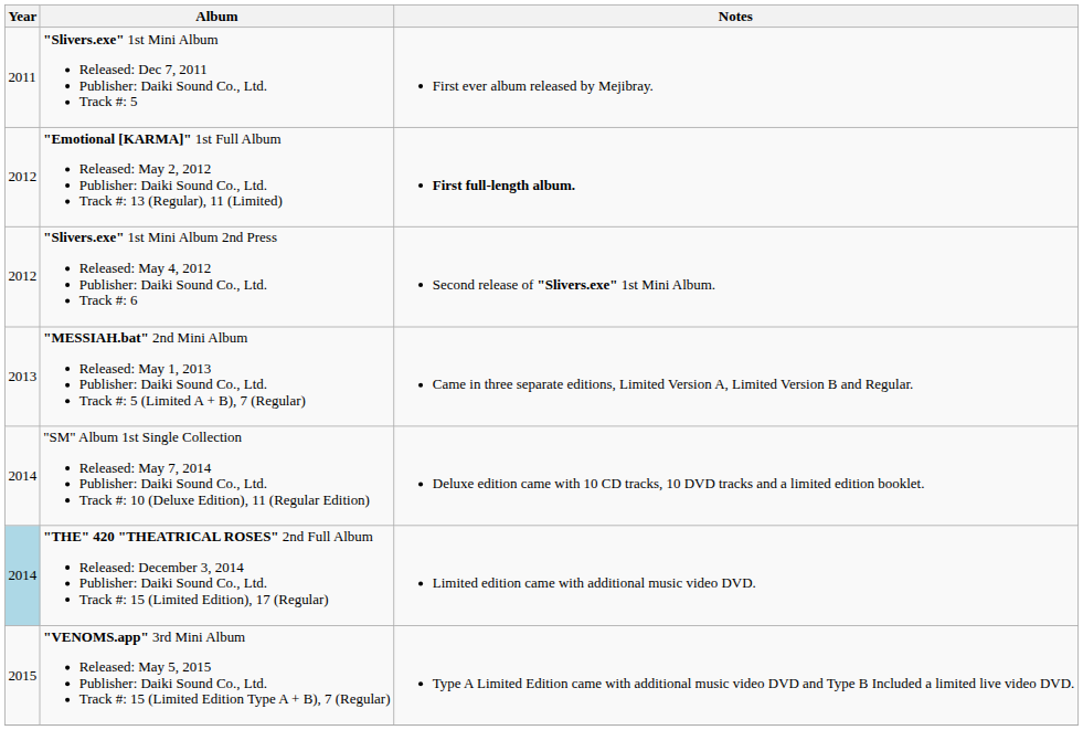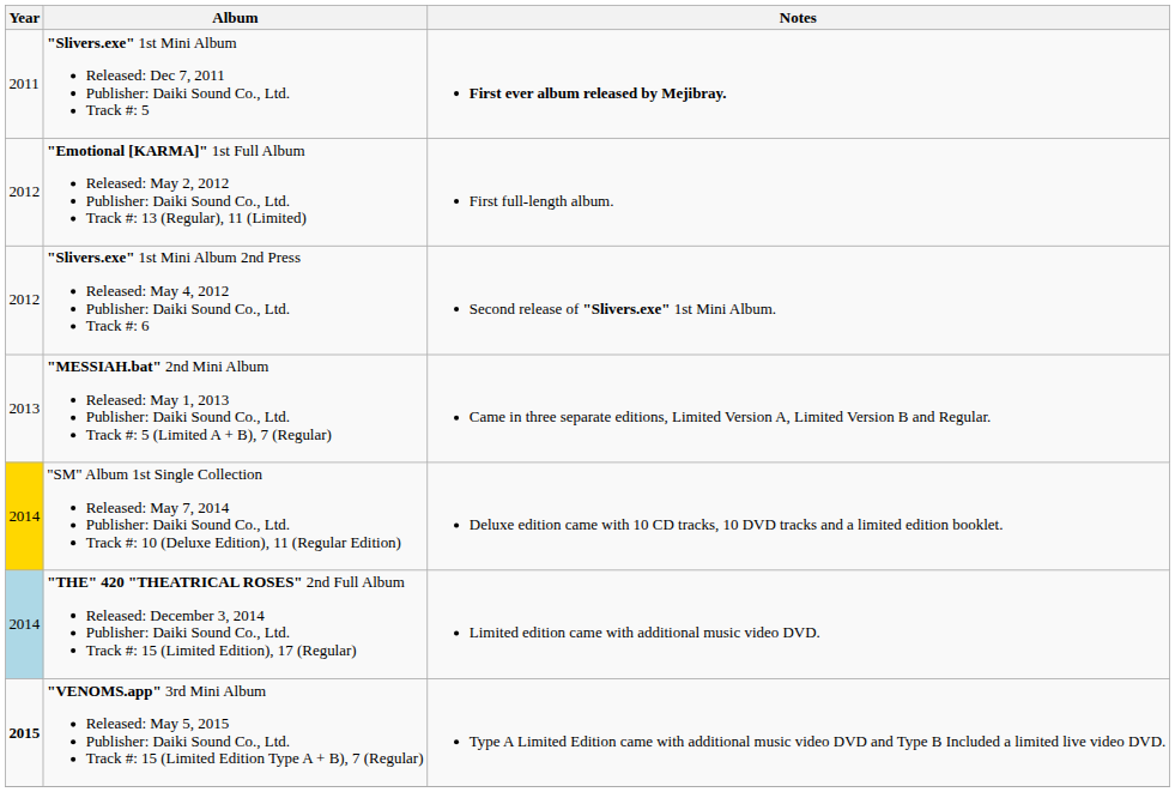 <table class="wikitable sortable">
 <tr>
 <th>Year</th>
 <th>Album</th>
 <th>Notes</th>
 </tr>
 <tr>
 <td>2011</td>
 <td><strong>"Slivers.exe"</strong> 1st Mini Album<br><ul><li>Released: Dec 7, 2011</li><li>Publisher: Daiki Sound Co., Ltd.</li><li>Track #: 5</li></ul></td>
-<td><br><ul><li>First ever album released by Mejibray.</li></ul></td>
+<td><strong><br><ul><li>First ever album released by Mejibray.</li></ul></strong></td>
 </tr>
 <tr>
 <td>2012</td>
 <td><strong>"Emotional [KARMA]"</strong> 1st Full Album<br><ul><li>Released: May 2, 2012</li><li>Publisher: Daiki Sound Co., Ltd.</li><li>Track #: 13 (Regular), 11 (Limited)</li></ul></td>
-<td><strong><br><ul><li>First full-length album.</li></ul></strong></td>
+<td><br><ul><li>First full-length album.</li></ul></td>
 </tr>
 <tr>
 <td>2012</td>
 <td><strong>"Slivers.exe"</strong> 1st Mini Album 2nd Press<br><ul><li>Released: May 4, 2012</li><li>Publisher: Daiki Sound Co., Ltd.</li><li>Track #: 6</li></ul></td>
 <td><br><ul><li>Second release of <strong>"Slivers.exe"</strong> 1st Mini Album.</li></ul></td>
 </tr>
 <tr>
 <td>2013</td>
 <td><strong>"MESSIAH.bat"</strong> 2nd Mini Album<br><ul><li>Released: May 1, 2013</li><li>Publisher: Daiki Sound Co., Ltd.</li><li>Track #: 5 (Limited A + B), 7 (Regular)</li></ul></td>
 <td><br><ul><li>Came in three separate editions, Limited Version A, Limited Version B and Regular.</li></ul></td>
 </tr>
 <tr>
-<td>2014</td>
+<td style="background: gold;">2014</td>
 <td>"SM" Album 1st Single Collection<br><ul><li>Released: May 7, 2014</li><li>Publisher: Daiki Sound Co., Ltd.</li><li>Track #: 10 (Deluxe Edition), 11 (Regular Edition)</li></ul></td>
 <td><br><ul><li>Deluxe edition came with 10 CD tracks, 10 DVD tracks and a limited edition booklet.</li></ul></td>
 </tr>
 <tr>
 <td style="background: lightblue;">2014</td>
 <td><strong>"THE" 420 "THEATRICAL ROSES"</strong> 2nd Full Album<br><ul><li>Released: December 3, 2014</li><li>Publisher: Daiki Sound Co., Ltd.</li><li>Track #: 15 (Limited Edition), 17 (Regular)</li></ul></td>
 <td><br><ul><li>Limited edition came with additional music video DVD.</li></ul></td>
 </tr>
 <tr>
-<td>2015</td>
+<td><strong>2015</strong></td>
 <td><strong>"VENOMS.app"</strong> 3rd Mini Album<br><ul><li>Released: May 5, 2015</li><li>Publisher: Daiki Sound Co., Ltd.</li><li>Track #: 15 (Limited Edition Type A + B), 7 (Regular)</li></ul></td>
 <td><br><ul><li>Type A Limited Edition came with additional music video DVD and Type B Included a limited live video DVD.</li></ul></td>
 </tr>
 <tr>
 </tr>
 </table>
